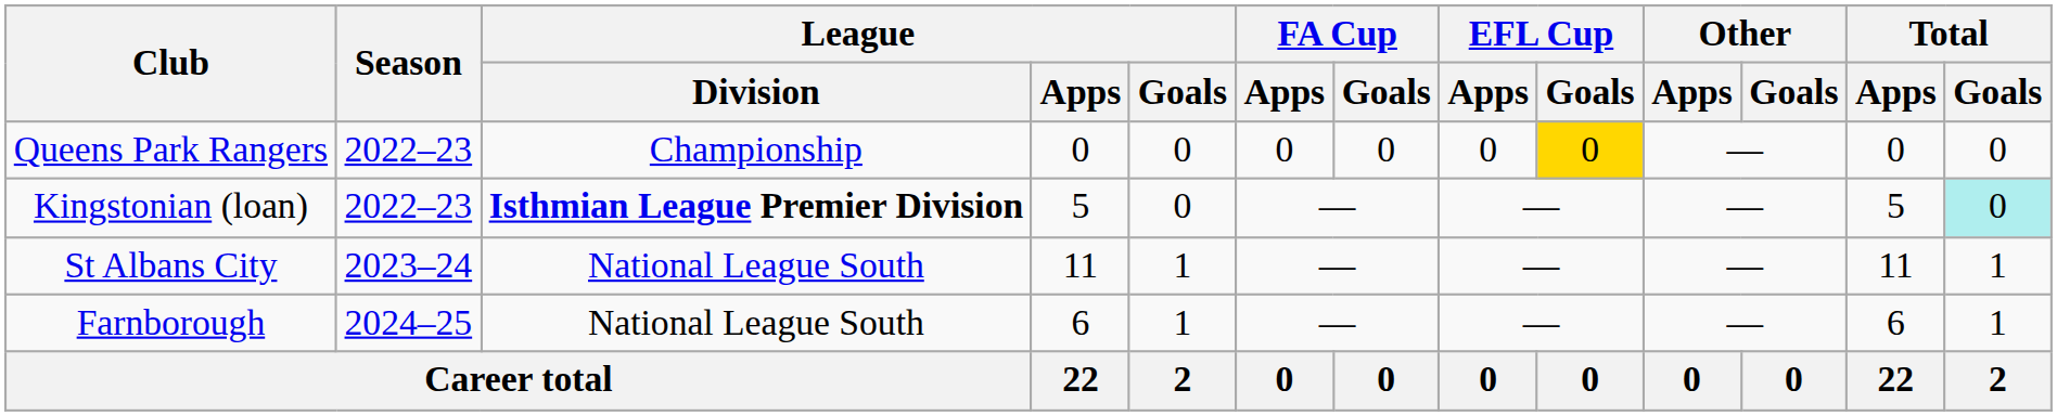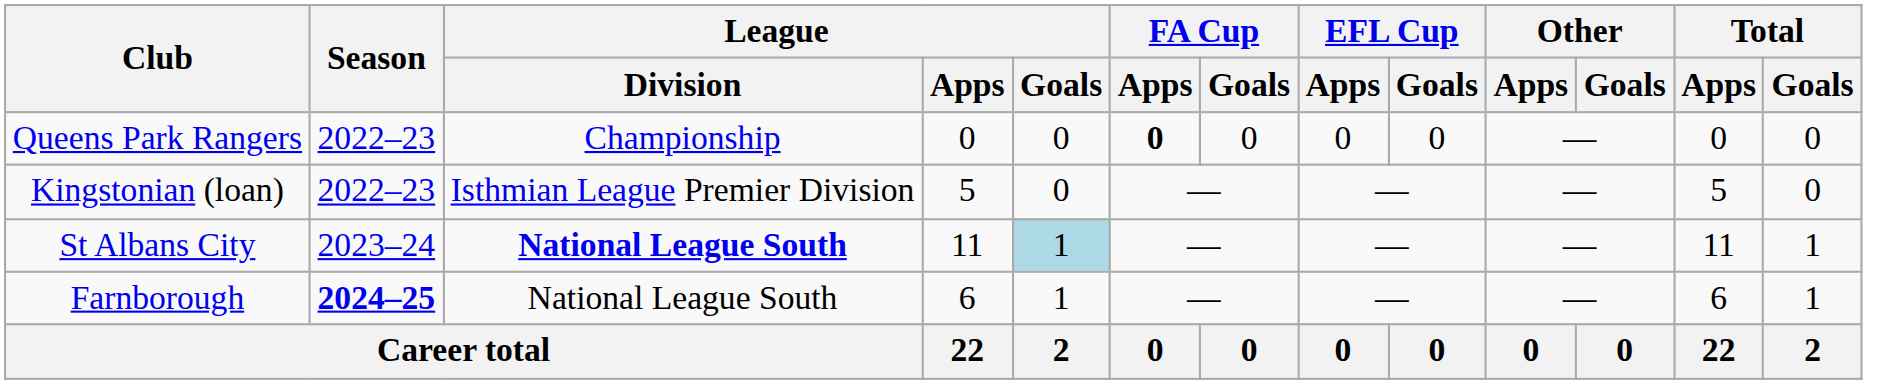 <table class="wikitable" style="text-align:center">
 <tr>
 <th rowspan="2">Club</th>
 <th rowspan="2">Season</th>
 <th colspan="3">League</th>
 <th colspan="2"><a href='#'>FA Cup</a></th>
 <th colspan="2"><a href='#'>EFL Cup</a></th>
 <th colspan="2">Other</th>
 <th colspan="2">Total</th>
 </tr>
 <tr>
 <th>Division</th>
 <th>Apps</th>
 <th>Goals</th>
 <th>Apps</th>
 <th>Goals</th>
 <th>Apps</th>
 <th>Goals</th>
 <th>Apps</th>
 <th>Goals</th>
 <th>Apps</th>
 <th>Goals</th>
 </tr>
 <tr>
 <td><a href='#'>Queens Park Rangers</a></td>
 <td><a href='#'>2022–23</a></td>
 <td><a href='#'>Championship</a></td>
 <td>0</td>
 <td>0</td>
+<td><strong>0</strong></td>
 <td>0</td>
 <td>0</td>
 <td>0</td>
-<td style="background: gold;">0</td>
 <td colspan="2">—</td>
 <td>0</td>
 <td>0</td>
 </tr>
 <tr>
 <td><a href='#'>Kingstonian</a> (loan)</td>
 <td><a href='#'>2022–23</a></td>
-<td><strong><a href='#'>Isthmian League</a> Premier Division</strong></td>
+<td><a href='#'>Isthmian League</a> Premier Division</td>
 <td>5</td>
 <td>0</td>
 <td colspan="2">—</td>
 <td colspan="2">—</td>
 <td colspan="2">—</td>
 <td>5</td>
-<td style="background: paleturquoise;">0</td>
+<td>0</td>
 </tr>
 <tr>
 <td><a href='#'>St Albans City</a></td>
 <td><a href='#'>2023–24</a></td>
-<td><a href='#'>National League South</a></td>
+<td><strong><a href='#'>National League South</a></strong></td>
 <td>11</td>
-<td>1</td>
+<td style="background: lightblue;">1</td>
 <td colspan="2">—</td>
 <td colspan="2">—</td>
 <td colspan="2">—</td>
 <td>11</td>
 <td>1</td>
 </tr>
 <tr>
 <td><a href='#'>Farnborough</a></td>
-<td><a href='#'>2024–25</a></td>
+<td><strong><a href='#'>2024–25</a></strong></td>
 <td>National League South</td>
 <td>6</td>
 <td>1</td>
 <td colspan="2">—</td>
 <td colspan="2">—</td>
 <td colspan="2">—</td>
 <td>6</td>
 <td>1</td>
 </tr>
 <tr>
 <th colspan=3>Career total</th>
 <th>22</th>
 <th>2</th>
 <th>0</th>
 <th>0</th>
 <th>0</th>
 <th>0</th>
 <th>0</th>
 <th>0</th>
 <th>22</th>
 <th>2</th>
 </tr>
 </table>
